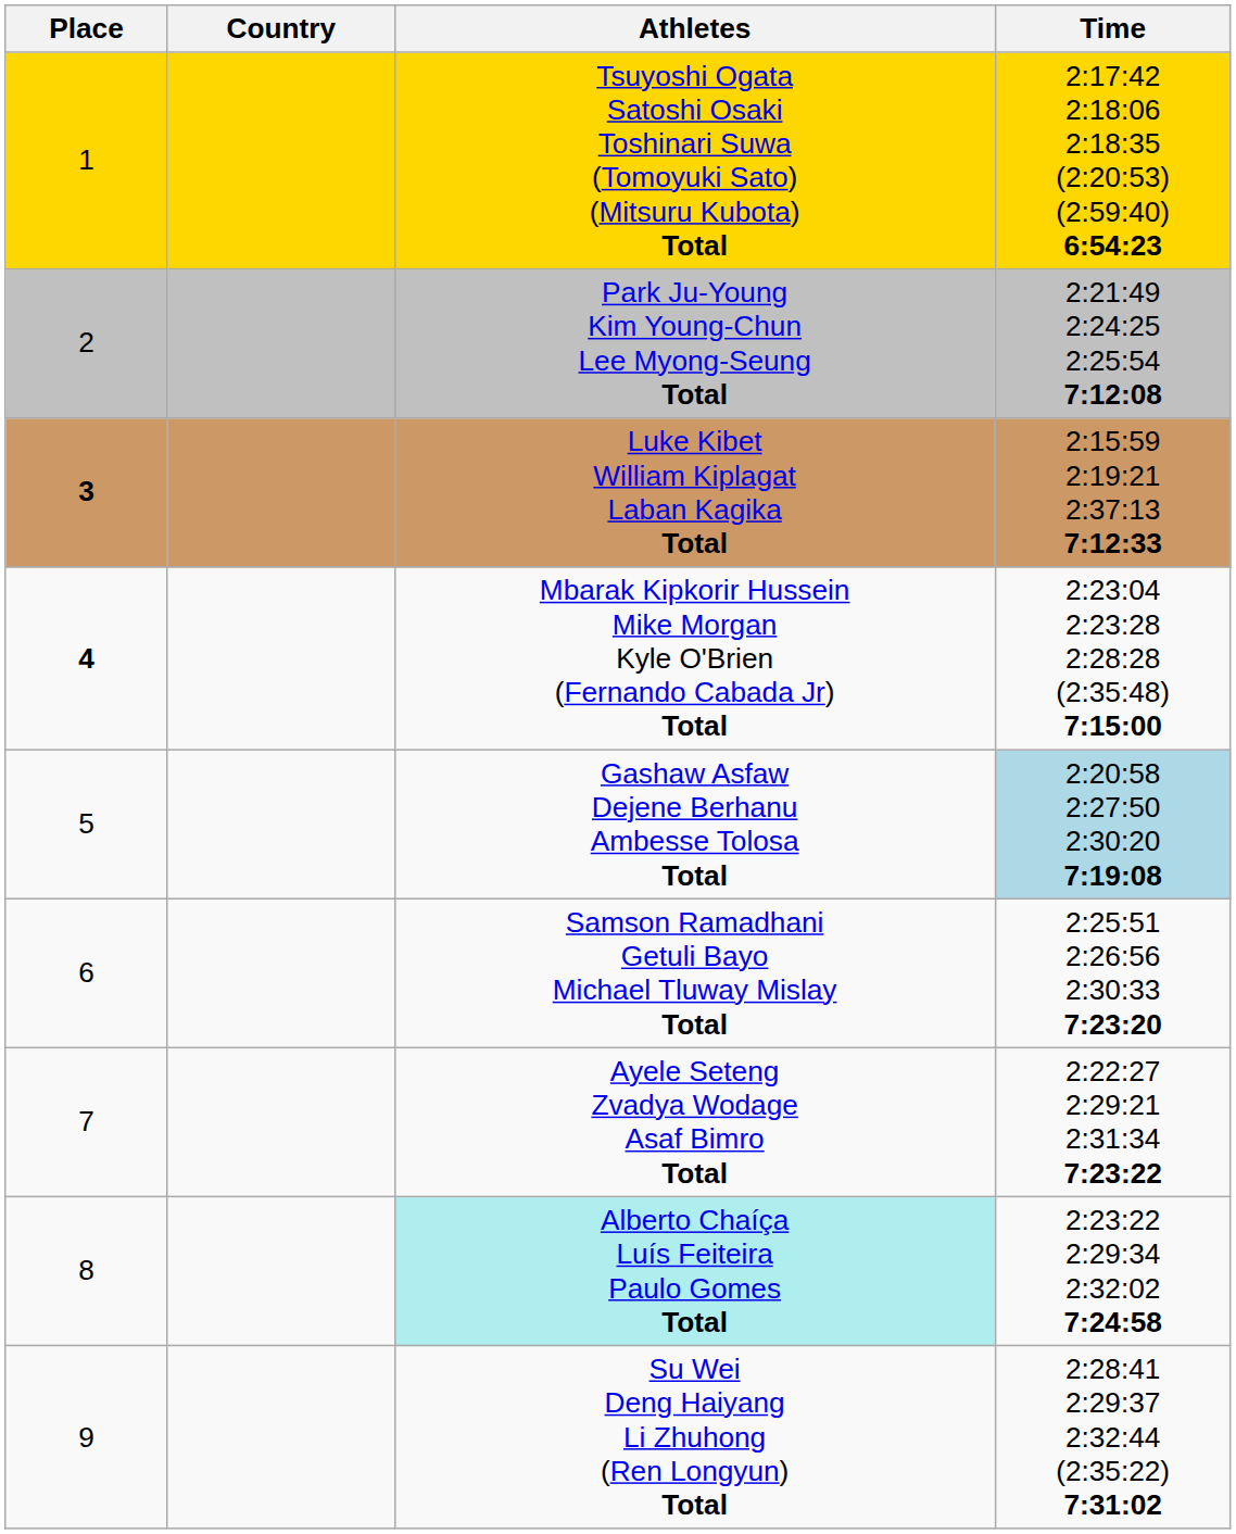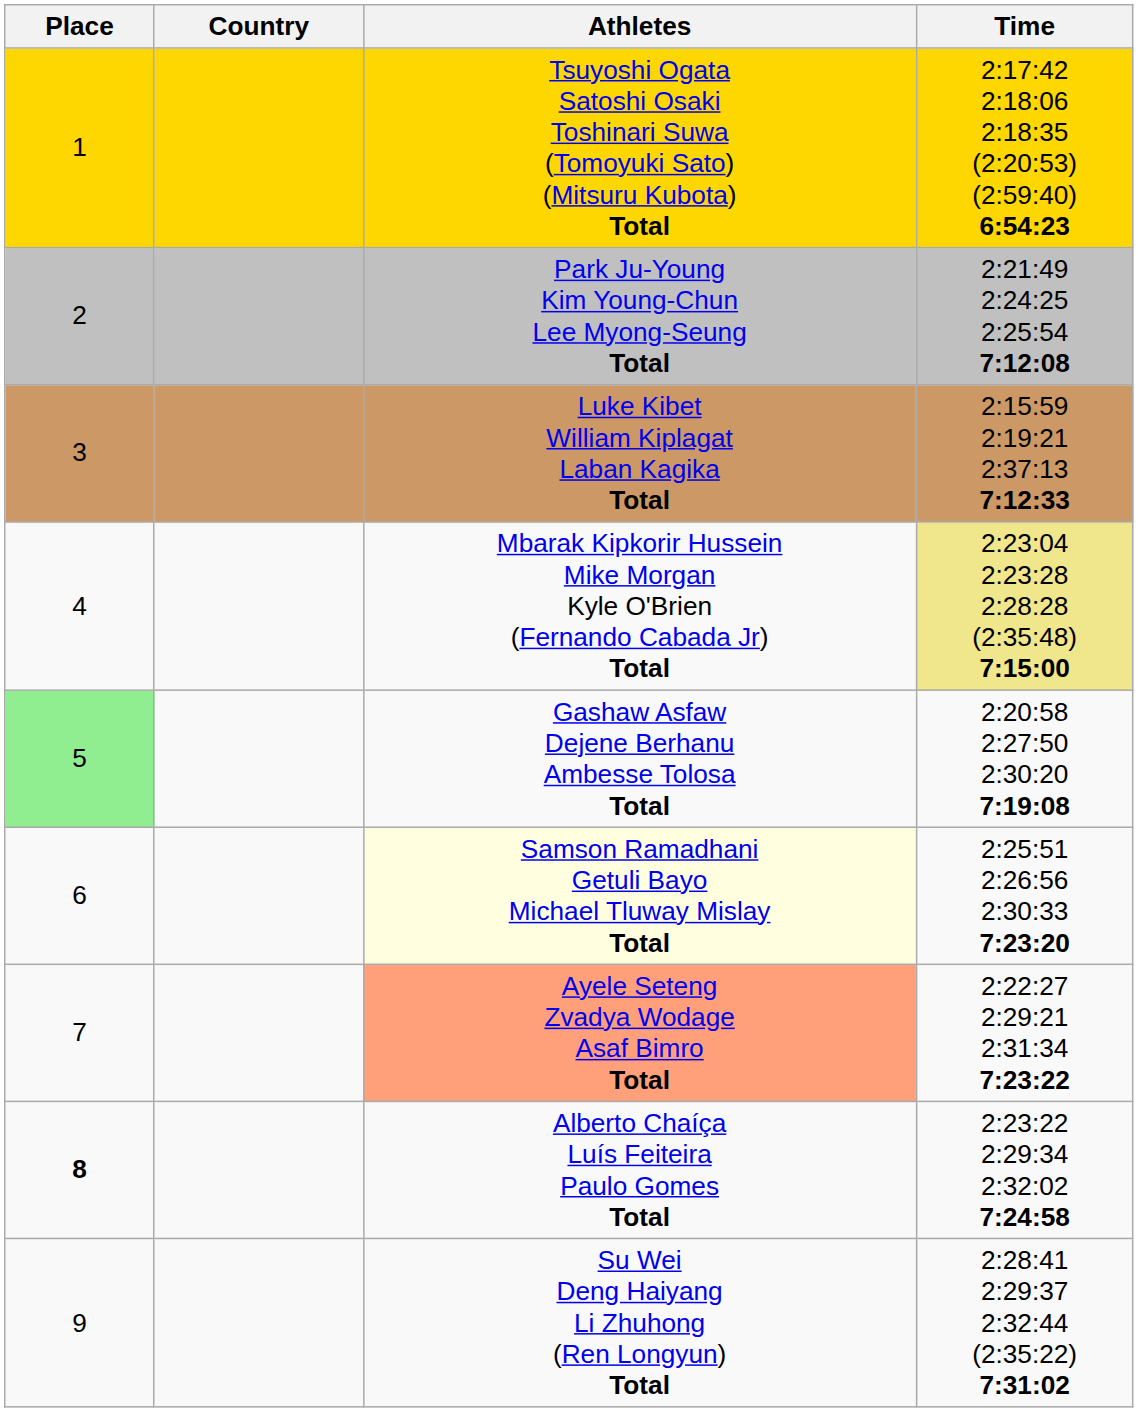 <table class="wikitable" style=" text-align:center; font-size:110%;" width="60%">
 <tr>
 <th>Place</th>
 <th>Country</th>
 <th>Athletes</th>
 <th>Time</th>
 </tr>
 <tr bgcolor=gold>
 <td align=center>1</td>
 <td></td>
 <td><a href='#'>Tsuyoshi Ogata</a><br><a href='#'>Satoshi Osaki</a><br><a href='#'>Toshinari Suwa</a><br>(<a href='#'>Tomoyuki Sato</a>)<br>(<a href='#'>Mitsuru Kubota</a>)<br><strong>Total</strong></td>
 <td>2:17:42<br>2:18:06<br>2:18:35<br>(2:20:53)<br>(2:59:40)<br><strong>6:54:23</strong></td>
 </tr>
 <tr bgcolor=silver>
 <td align=center>2</td>
 <td></td>
 <td><a href='#'>Park Ju-Young</a><br><a href='#'>Kim Young-Chun</a><br><a href='#'>Lee Myong-Seung</a><br><strong>Total</strong></td>
 <td>2:21:49<br>2:24:25<br>2:25:54<br><strong>7:12:08</strong></td>
 </tr>
 <tr bgcolor=cc9966>
-<td align=center><strong>3</strong></td>
+<td align=center>3</td>
 <td></td>
 <td><a href='#'>Luke Kibet</a><br><a href='#'>William Kiplagat</a><br><a href='#'>Laban Kagika</a><br><strong>Total</strong></td>
 <td>2:15:59<br>2:19:21<br>2:37:13<br><strong>7:12:33</strong></td>
 </tr>
 <tr>
-<td align=center><strong>4</strong></td>
+<td align=center>4</td>
 <td></td>
 <td><a href='#'>Mbarak Kipkorir Hussein</a><br><a href='#'>Mike Morgan</a><br>Kyle O'Brien<br>(<a href='#'>Fernando Cabada Jr</a>)<br><strong>Total</strong></td>
-<td>2:23:04<br>2:23:28<br>2:28:28<br>(2:35:48)<br><strong>7:15:00</strong></td>
+<td style="background: khaki;">2:23:04<br>2:23:28<br>2:28:28<br>(2:35:48)<br><strong>7:15:00</strong></td>
 </tr>
 <tr>
-<td align=center>5</td>
+<td align=center style="background: lightgreen;">5</td>
 <td></td>
 <td><a href='#'>Gashaw Asfaw</a><br><a href='#'>Dejene Berhanu</a><br><a href='#'>Ambesse Tolosa</a><br><strong>Total</strong></td>
-<td style="background: lightblue;">2:20:58<br>2:27:50<br>2:30:20<br><strong>7:19:08</strong></td>
+<td>2:20:58<br>2:27:50<br>2:30:20<br><strong>7:19:08</strong></td>
 </tr>
 <tr>
 <td align=center>6</td>
 <td></td>
-<td><a href='#'>Samson Ramadhani</a><br><a href='#'>Getuli Bayo</a><br><a href='#'>Michael Tluway Mislay</a><br><strong>Total</strong></td>
+<td style="background: lightyellow;"><a href='#'>Samson Ramadhani</a><br><a href='#'>Getuli Bayo</a><br><a href='#'>Michael Tluway Mislay</a><br><strong>Total</strong></td>
 <td>2:25:51<br>2:26:56<br>2:30:33<br><strong>7:23:20</strong></td>
 </tr>
 <tr>
 <td align=center>7</td>
 <td></td>
-<td><a href='#'>Ayele Seteng</a><br><a href='#'>Zvadya Wodage</a><br><a href='#'>Asaf Bimro</a><br><strong>Total</strong></td>
+<td style="background: lightsalmon;"><a href='#'>Ayele Seteng</a><br><a href='#'>Zvadya Wodage</a><br><a href='#'>Asaf Bimro</a><br><strong>Total</strong></td>
 <td>2:22:27<br>2:29:21<br>2:31:34<br><strong>7:23:22</strong></td>
 </tr>
 <tr>
-<td align=center>8</td>
+<td align=center><strong>8</strong></td>
 <td></td>
-<td style="background: paleturquoise;"><a href='#'>Alberto Chaíça</a><br><a href='#'>Luís Feiteira</a><br><a href='#'>Paulo Gomes</a><br><strong>Total</strong></td>
+<td><a href='#'>Alberto Chaíça</a><br><a href='#'>Luís Feiteira</a><br><a href='#'>Paulo Gomes</a><br><strong>Total</strong></td>
 <td>2:23:22<br>2:29:34<br>2:32:02<br><strong>7:24:58</strong></td>
 </tr>
 <tr>
 <td align=center>9</td>
 <td></td>
 <td><a href='#'>Su Wei</a><br><a href='#'>Deng Haiyang</a><br><a href='#'>Li Zhuhong</a><br>(<a href='#'>Ren Longyun</a>)<br><strong>Total</strong></td>
 <td>2:28:41<br>2:29:37<br>2:32:44<br>(2:35:22)<br><strong>7:31:02</strong></td>
 </tr>
 </table>
